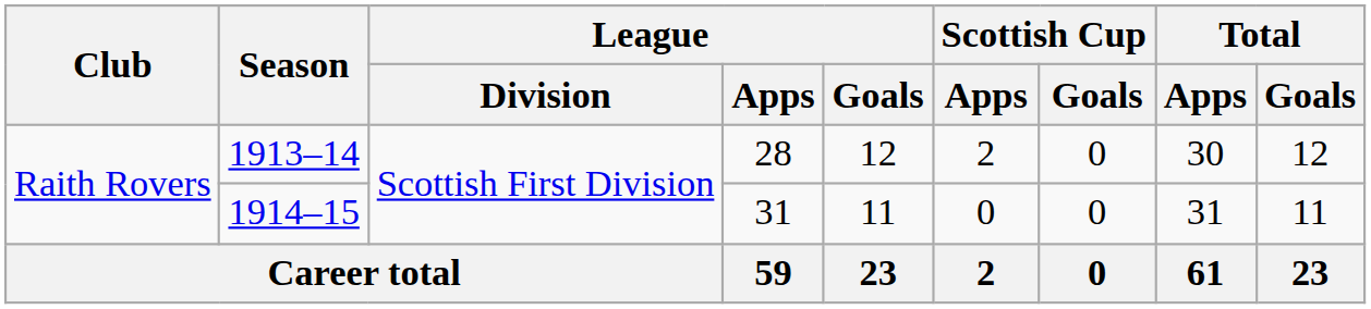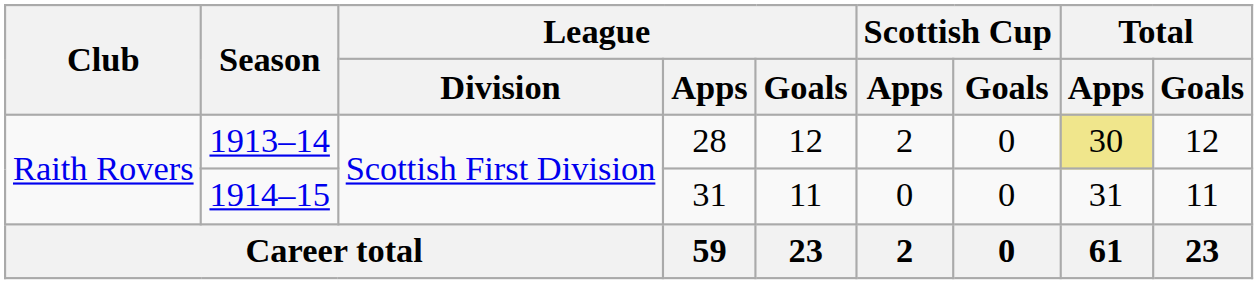 <table class="wikitable" style="text-align:center">
 <tr>
 <th rowspan="2">Club</th>
 <th rowspan="2">Season</th>
 <th colspan="3">League</th>
 <th colspan="2">Scottish Cup</th>
 <th colspan="2">Total</th>
 </tr>
 <tr>
 <th>Division</th>
 <th>Apps</th>
 <th>Goals</th>
 <th>Apps</th>
 <th>Goals</th>
 <th>Apps</th>
 <th>Goals</th>
 </tr>
 <tr>
 <td rowspan="2"><a href='#'>Raith Rovers</a></td>
 <td><a href='#'>1913–14</a></td>
 <td rowspan="2"><a href='#'>Scottish First Division</a></td>
 <td>28</td>
 <td>12</td>
 <td>2</td>
 <td>0</td>
-<td>30</td>
+<td style="background: khaki;">30</td>
 <td>12</td>
 </tr>
 <tr>
 <td><a href='#'>1914–15</a></td>
 <td>31</td>
 <td>11</td>
 <td>0</td>
 <td>0</td>
 <td>31</td>
 <td>11</td>
 </tr>
 <tr>
 <th colspan="3">Career total</th>
 <th>59</th>
 <th>23</th>
 <th>2</th>
 <th>0</th>
 <th>61</th>
 <th>23</th>
 </tr>
 </table>
